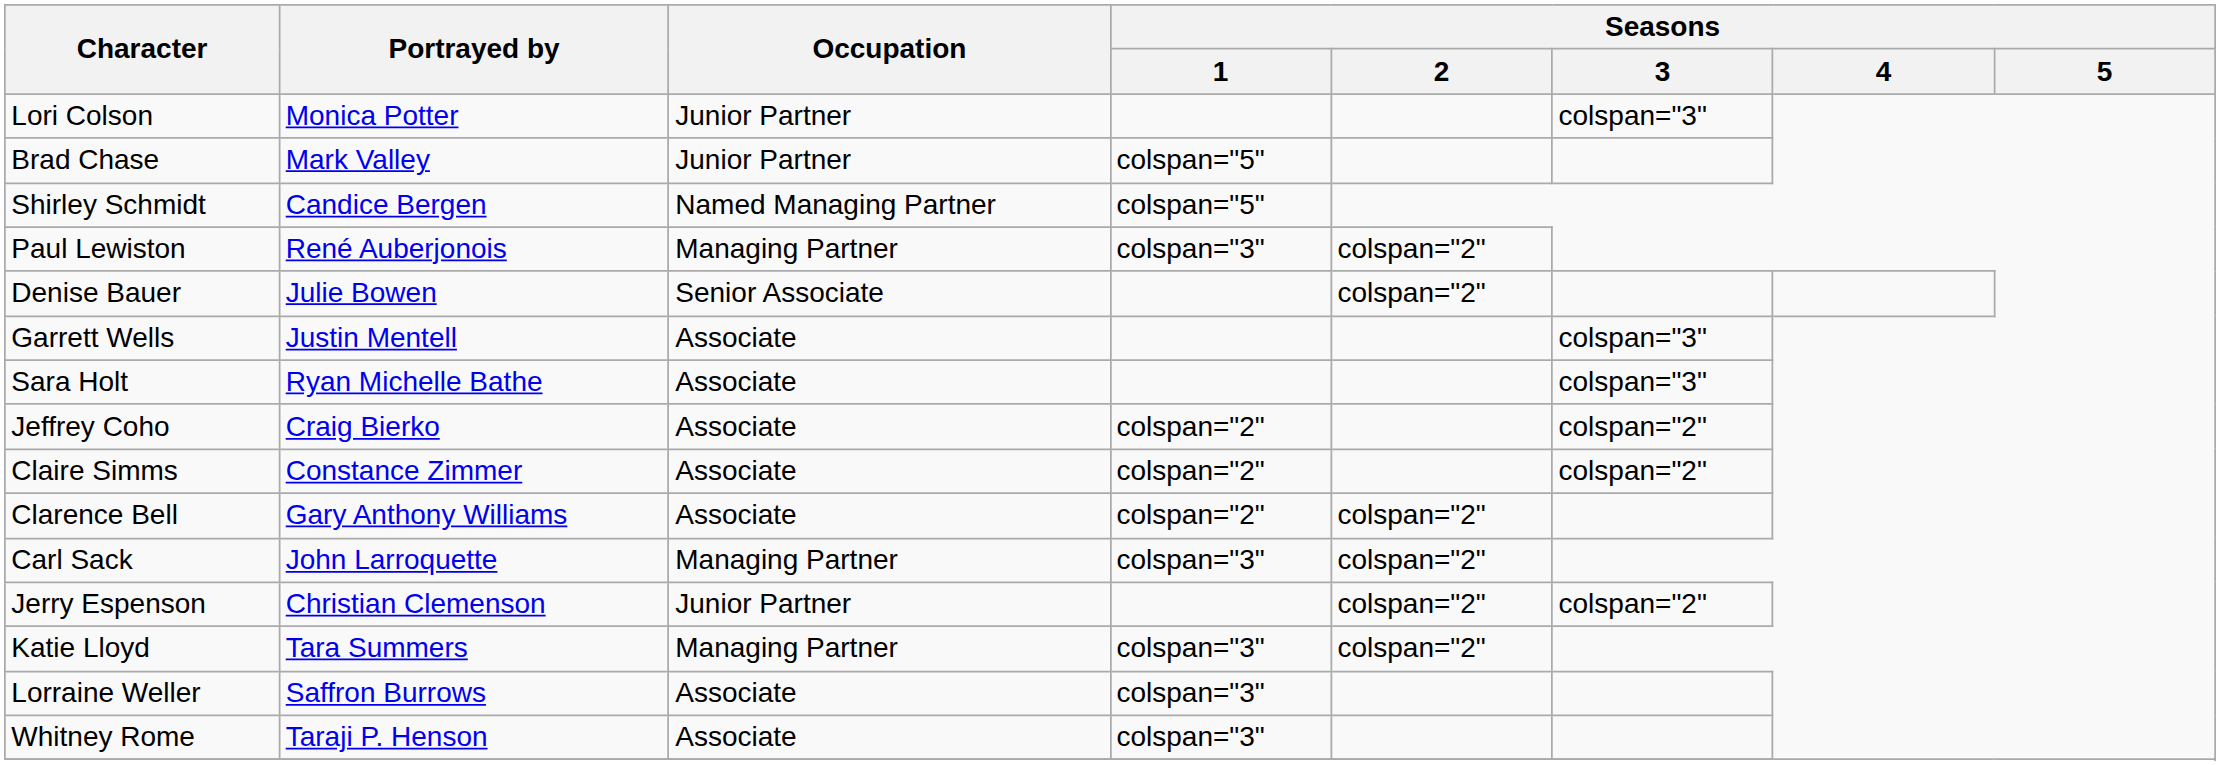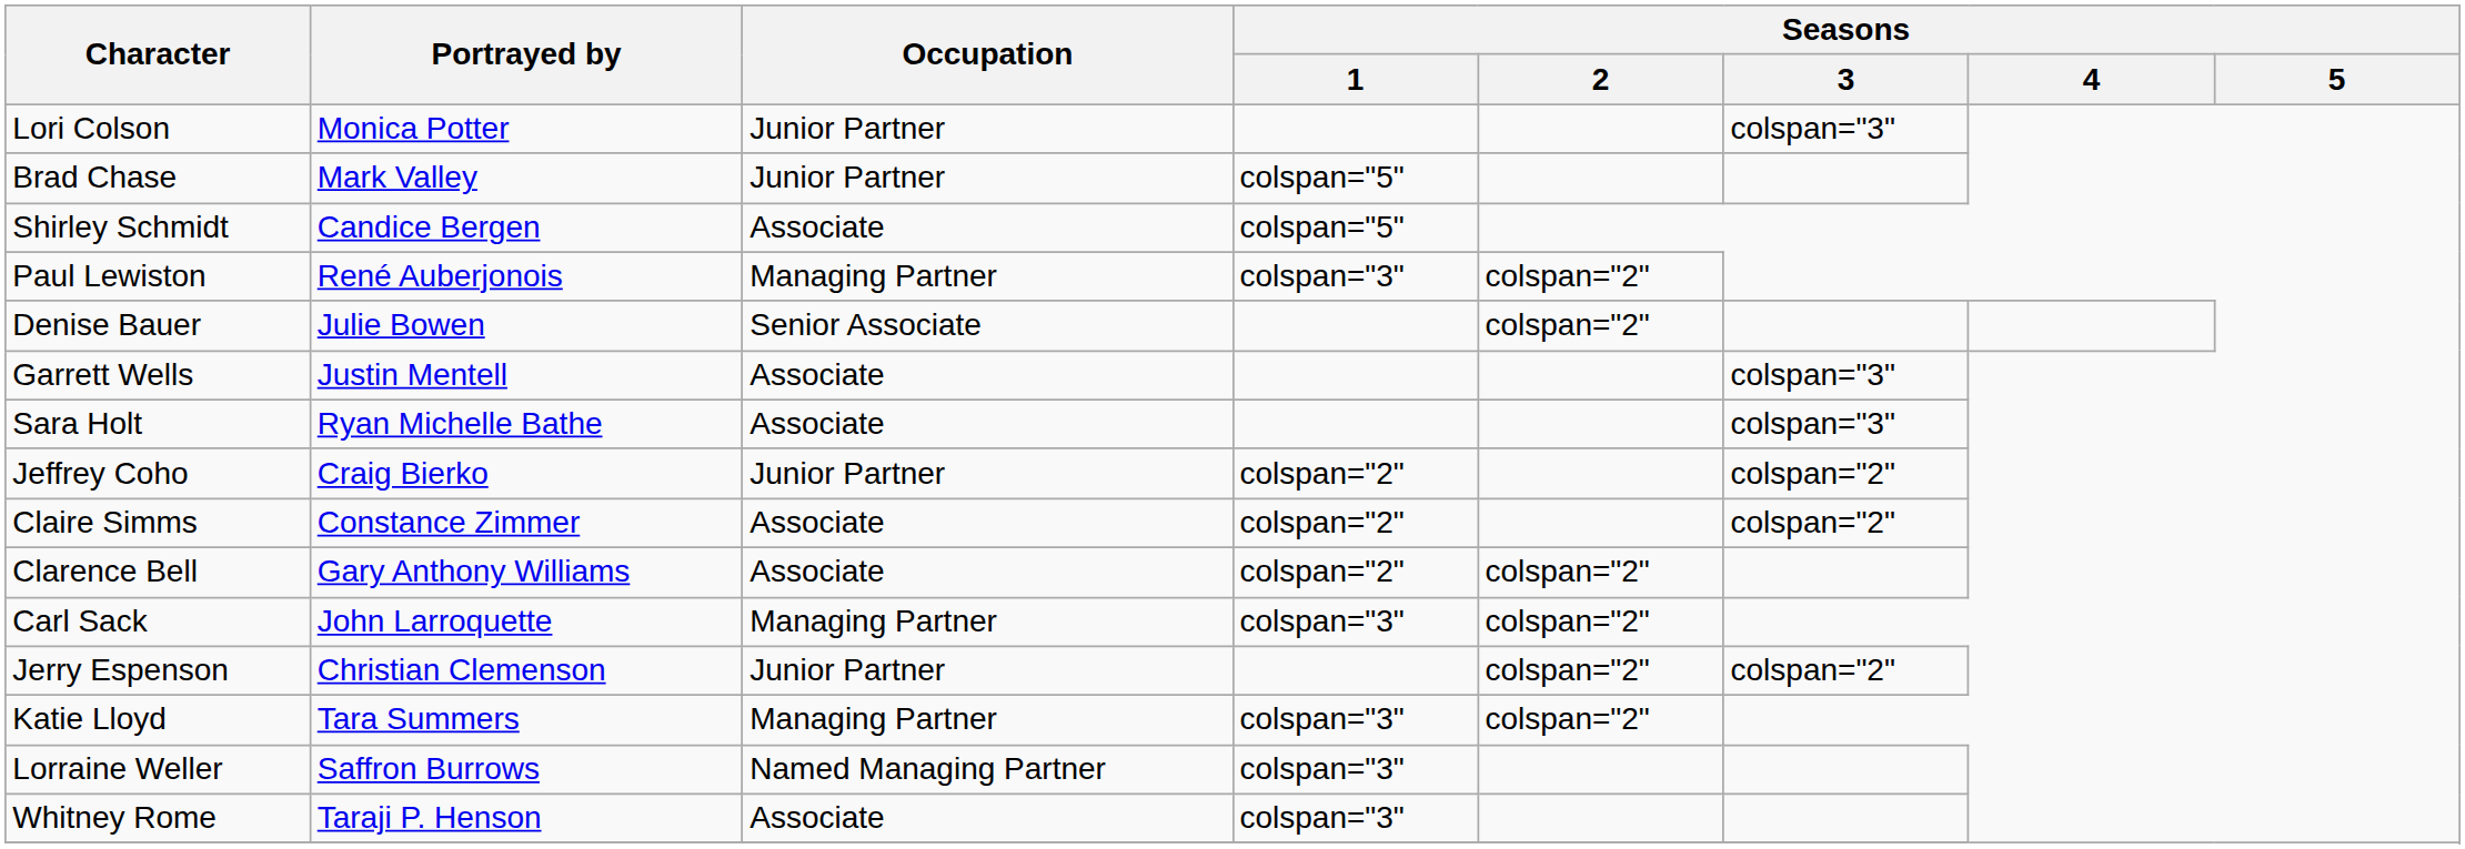 <table class="wikitable sortable" width="100%">
 <tr>
 <th rowspan="2">Character</th>
 <th rowspan="2">Portrayed by</th>
 <th rowspan="2">Occupation</th>
 <th colspan="5">Seasons</th>
 </tr>
 <tr>
 <th width="10%">1</th>
 <th width="10%">2</th>
 <th width="10%">3</th>
 <th width="10%">4</th>
 <th width="10%">5</th>
 </tr>
 <tr>
 <td>Lori Colson</td>
 <td><a href='#'>Monica Potter</a></td>
 <td data-sort-value="3">Junior Partner</td>
 <td></td>
 <td></td>
 <td>colspan="3" </td>
 </tr>
 <tr>
 <td>Brad Chase</td>
 <td><a href='#'>Mark Valley</a></td>
 <td data-sort-value="3">Junior Partner</td>
 <td>colspan="5" </td>
 <td></td>
 <td></td>
 </tr>
 <tr>
 <td>Shirley Schmidt</td>
 <td><a href='#'>Candice Bergen</a></td>
-<td data-sort-value="6">Named Managing Partner</td>
+<td data-sort-value="1">Associate</td>
 <td>colspan="5" </td>
 </tr>
 <tr>
 <td>Paul Lewiston</td>
 <td><a href='#'>René Auberjonois</a></td>
 <td data-sort-value="5">Managing Partner</td>
 <td>colspan="3" </td>
 <td>colspan="2" </td>
 </tr>
 <tr>
 <td>Denise Bauer</td>
 <td><a href='#'>Julie Bowen</a></td>
 <td data-sort-value="2">Senior Associate</td>
 <td></td>
 <td>colspan="2" </td>
 <td></td>
 <td></td>
 </tr>
 <tr>
 <td>Garrett Wells</td>
 <td><a href='#'>Justin Mentell</a></td>
 <td data-sort-value="1">Associate</td>
 <td></td>
 <td></td>
 <td>colspan="3" </td>
 </tr>
 <tr>
 <td>Sara Holt</td>
 <td><a href='#'>Ryan Michelle Bathe</a></td>
 <td data-sort-value="1">Associate</td>
 <td></td>
 <td></td>
 <td>colspan="3" </td>
 </tr>
 <tr>
 <td>Jeffrey Coho</td>
 <td><a href='#'>Craig Bierko</a></td>
-<td data-sort-value="1">Associate</td>
+<td data-sort-value="3">Junior Partner</td>
 <td>colspan="2" </td>
 <td></td>
 <td>colspan="2" </td>
 </tr>
 <tr>
 <td>Claire Simms</td>
 <td><a href='#'>Constance Zimmer</a></td>
 <td data-sort-value="1">Associate</td>
 <td>colspan="2" </td>
 <td></td>
 <td>colspan="2" </td>
 </tr>
 <tr>
 <td>Clarence Bell</td>
 <td><a href='#'>Gary Anthony Williams</a></td>
 <td data-sort-value="1">Associate</td>
 <td>colspan="2" </td>
 <td>colspan="2" </td>
 <td></td>
 </tr>
 <tr>
 <td>Carl Sack</td>
 <td><a href='#'>John Larroquette</a></td>
 <td data-sort-value="4">Managing Partner</td>
 <td>colspan="3" </td>
 <td>colspan="2" </td>
 </tr>
 <tr>
 <td>Jerry Espenson</td>
 <td><a href='#'>Christian Clemenson</a></td>
 <td data-sort-value="3">Junior Partner</td>
 <td></td>
 <td>colspan="2" </td>
 <td>colspan="2" </td>
 </tr>
 <tr>
 <td>Katie Lloyd</td>
 <td><a href='#'>Tara Summers</a></td>
 <td data-sort-value="4">Managing Partner</td>
 <td>colspan="3" </td>
 <td>colspan="2" </td>
 </tr>
 <tr>
 <td>Lorraine Weller</td>
 <td><a href='#'>Saffron Burrows</a></td>
-<td data-sort-value="1">Associate</td>
+<td data-sort-value="6">Named Managing Partner</td>
 <td>colspan="3" </td>
 <td></td>
 <td></td>
 </tr>
 <tr>
 <td>Whitney Rome</td>
 <td><a href='#'>Taraji P. Henson</a></td>
 <td data-sort-value="1">Associate</td>
 <td>colspan="3" </td>
 <td></td>
 <td></td>
 </tr>
 <tr>
 </tr>
 </table>
